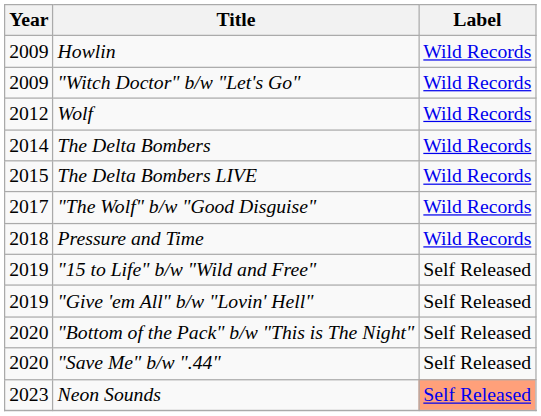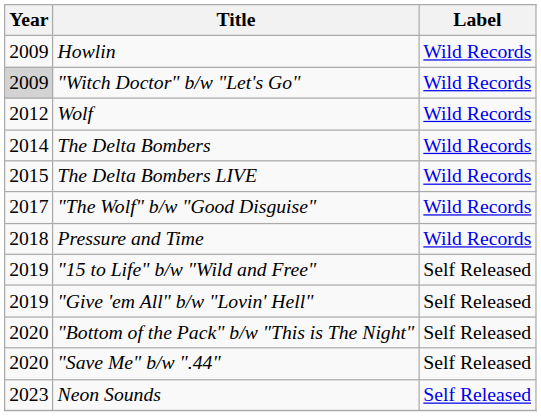 <table class="wikitable">
 <tr>
 <th>Year</th>
 <th>Title</th>
 <th>Label</th>
 </tr>
 <tr>
 <td>2009</td>
 <td><em>Howlin</em></td>
 <td><a href='#'>Wild Records</a></td>
 </tr>
 <tr>
-<td>2009</td>
+<td style="background: lightgrey;">2009</td>
 <td><em>"Witch Doctor" b/w "Let's Go"</em></td>
 <td><a href='#'>Wild Records</a></td>
 </tr>
 <tr>
 <td>2012</td>
 <td><em>Wolf</em></td>
 <td><a href='#'>Wild Records</a></td>
 </tr>
 <tr>
 <td>2014</td>
 <td><em>The Delta Bombers</em></td>
 <td><a href='#'>Wild Records</a></td>
 </tr>
 <tr>
 <td>2015</td>
 <td><em>The Delta Bombers LIVE</em></td>
 <td><a href='#'>Wild Records</a></td>
 </tr>
 <tr>
 <td>2017</td>
 <td><em>"The Wolf" b/w "Good Disguise"</em></td>
 <td><a href='#'>Wild Records</a></td>
 </tr>
 <tr>
 <td>2018</td>
 <td><em>Pressure and Time</em></td>
 <td><a href='#'>Wild Records</a></td>
 </tr>
 <tr>
 <td>2019</td>
 <td><em>"15 to Life" b/w "Wild and Free"</em></td>
 <td>Self Released</td>
 </tr>
 <tr>
 <td>2019</td>
 <td><em>"Give 'em All" b/w "Lovin' Hell"</em></td>
 <td>Self Released</td>
 </tr>
 <tr>
 <td>2020</td>
 <td><em>"Bottom of the Pack" b/w "This is The Night"</em></td>
 <td>Self Released</td>
 </tr>
 <tr>
 <td>2020</td>
 <td><em>"Save Me" b/w ".44"</em></td>
 <td>Self Released</td>
 </tr>
 <tr>
 <td>2023</td>
 <td><em>Neon Sounds</em></td>
-<td style="background: lightsalmon;"><a href='#'>Self Released</a></td>
+<td><a href='#'>Self Released</a></td>
 </tr>
 <tr>
 </tr>
 <tr>
 </tr>
 </table>
